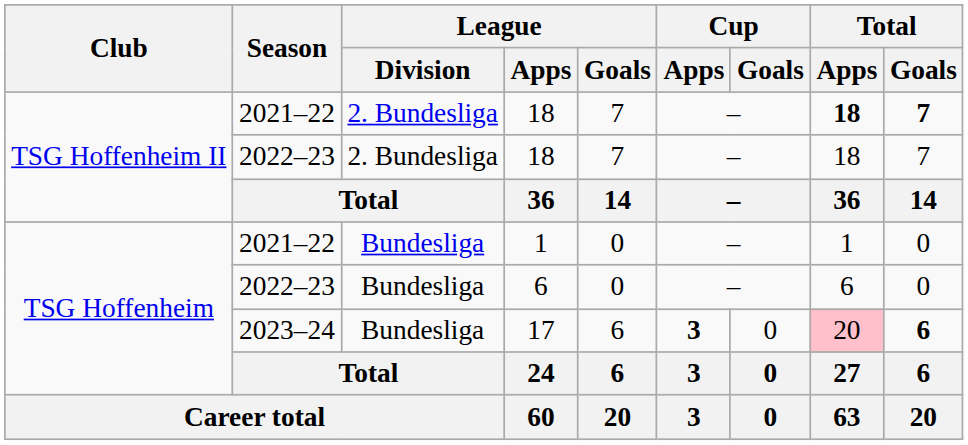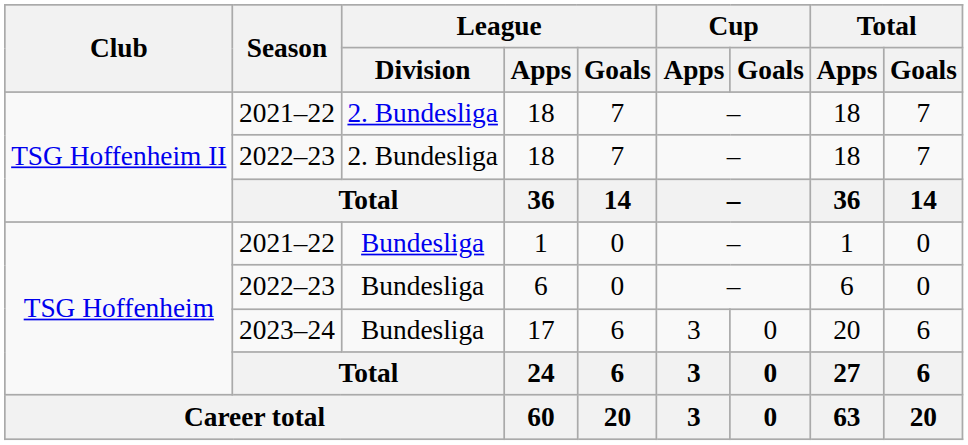 <table class="wikitable" style="text-align:center">
 <tr>
 <th rowspan="2">Club</th>
 <th rowspan="2">Season</th>
 <th colspan="3">League</th>
 <th colspan="2">Cup</th>
 <th colspan="2">Total</th>
 </tr>
 <tr>
 <th>Division</th>
 <th>Apps</th>
 <th>Goals</th>
 <th>Apps</th>
 <th>Goals</th>
 <th>Apps</th>
 <th>Goals</th>
 </tr>
 <tr>
 <td rowspan="3"><a href='#'>TSG Hoffenheim II</a></td>
 <td>2021–22</td>
 <td><a href='#'>2. Bundesliga</a></td>
 <td>18</td>
 <td>7</td>
 <td colspan="2">–</td>
-<td><strong>18</strong></td>
-<td><strong>7</strong></td>
+<td>18</td>
+<td>7</td>
 </tr>
 <tr>
 <td>2022–23</td>
 <td>2. Bundesliga</td>
 <td>18</td>
 <td>7</td>
 <td colspan="2">–</td>
 <td>18</td>
 <td>7</td>
 </tr>
 <tr>
 <th colspan="2">Total</th>
 <th>36</th>
 <th>14</th>
 <th colspan="2">–</th>
 <th>36</th>
 <th>14</th>
 </tr>
 <tr>
 <td rowspan="4"><a href='#'>TSG Hoffenheim</a></td>
 <td>2021–22</td>
 <td><a href='#'>Bundesliga</a></td>
 <td>1</td>
 <td>0</td>
 <td colspan="2">–</td>
 <td>1</td>
 <td>0</td>
 </tr>
 <tr>
 <td>2022–23</td>
 <td>Bundesliga</td>
 <td>6</td>
 <td>0</td>
 <td colspan="2">–</td>
 <td>6</td>
 <td>0</td>
 </tr>
 <tr>
 <td>2023–24</td>
 <td>Bundesliga</td>
 <td>17</td>
 <td>6</td>
-<td><strong>3</strong></td>
+<td>3</td>
 <td>0</td>
-<td style="background: pink;">20</td>
-<td><strong>6</strong></td>
+<td>20</td>
+<td>6</td>
 </tr>
 <tr>
 <th colspan="2">Total</th>
 <th>24</th>
 <th>6</th>
 <th>3</th>
 <th>0</th>
 <th>27</th>
 <th>6</th>
 </tr>
 <tr>
 <th colspan="3">Career total</th>
 <th>60</th>
 <th>20</th>
 <th>3</th>
 <th>0</th>
 <th>63</th>
 <th>20</th>
 </tr>
 </table>
